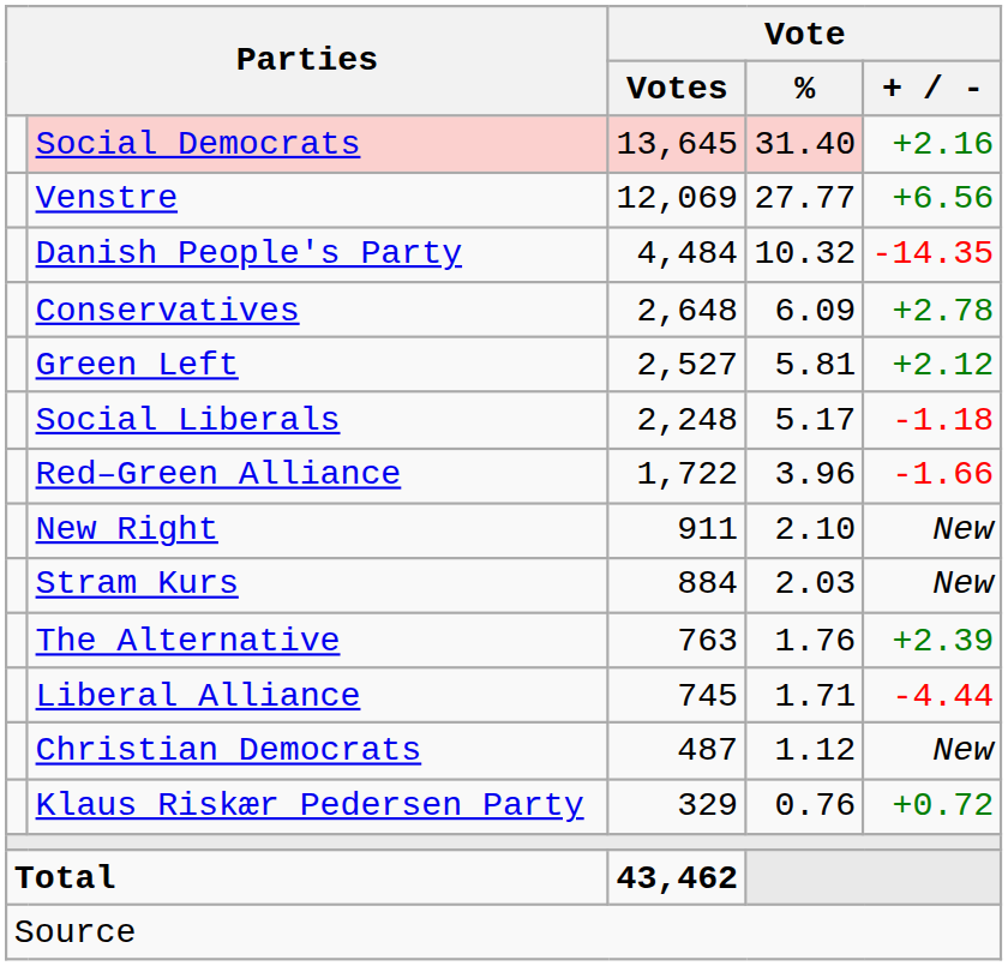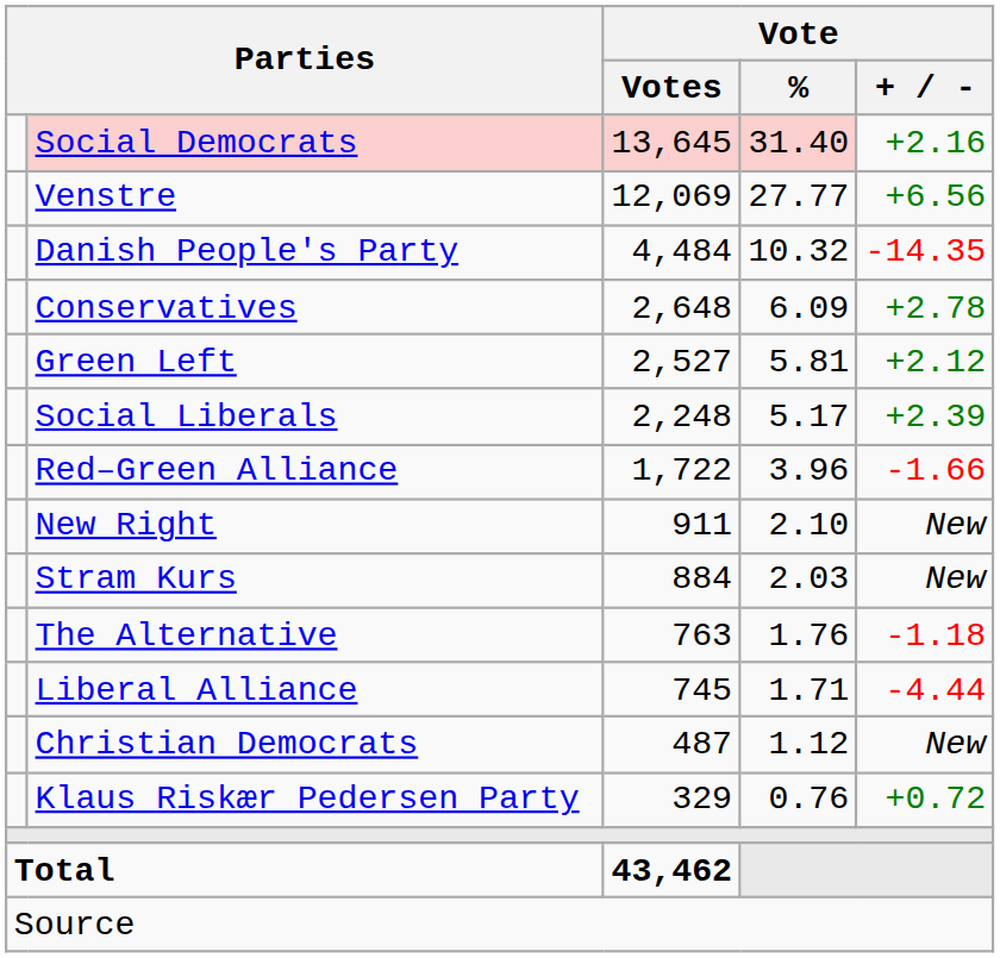 <table class="wikitable" style="text-align:right;">
 <tr>
 <th style="text-align:centre;" rowspan="2" colspan="2" width="225">Parties</th>
 <th colspan="3">Vote</th>
 </tr>
 <tr>
 <th width="15">Votes</th>
 <th width="15">%</th>
 <th width="15">+ / -</th>
 </tr>
 <tr>
 <td width="2" style="color:inherit;background:"></td>
 <td bgcolor=#fbd0ce  align="left"><a href='#'>Social Democrats</a></td>
 <td bgcolor=#fbd0ce>13,645</td>
 <td bgcolor=#fbd0ce>31.40</td>
 <td style=color:green;>+2.16</td>
 </tr>
 <tr>
 <td width="2" style="color:inherit;background:"></td>
 <td align="left"><a href='#'>Venstre</a></td>
 <td>12,069</td>
 <td>27.77</td>
 <td style=color:green;>+6.56</td>
 </tr>
 <tr>
 <td width="2" style="color:inherit;background:"></td>
 <td align="left"><a href='#'>Danish People's Party</a></td>
 <td>4,484</td>
 <td>10.32</td>
 <td style=color:red;>-14.35</td>
 </tr>
 <tr>
 <td width="2" style="color:inherit;background:"></td>
 <td align="left"><a href='#'>Conservatives</a></td>
 <td>2,648</td>
 <td>6.09</td>
 <td style=color:green;>+2.78</td>
 </tr>
 <tr>
 <td width="2" style="color:inherit;background:"></td>
 <td align="left"><a href='#'>Green Left</a></td>
 <td>2,527</td>
 <td>5.81</td>
 <td style=color:green;>+2.12</td>
 </tr>
 <tr>
 <td width="2" style="color:inherit;background:"></td>
 <td align="left"><a href='#'>Social Liberals</a></td>
 <td>2,248</td>
 <td>5.17</td>
-<td style=color:red;>-1.18</td>
+<td style=color:green;>+2.39</td>
 </tr>
 <tr>
 <td width="2" style="color:inherit;background:"></td>
 <td align="left"><a href='#'>Red–Green Alliance</a></td>
 <td>1,722</td>
 <td>3.96</td>
 <td style=color:red;>-1.66</td>
 </tr>
 <tr>
 <td width="2" style="color:inherit;background:"></td>
 <td align="left"><a href='#'>New Right</a></td>
 <td>911</td>
 <td>2.10</td>
 <td><em>New</em></td>
 </tr>
 <tr>
 <td width="2" style="color:inherit;background:"></td>
 <td align="left"><a href='#'>Stram Kurs</a></td>
 <td>884</td>
 <td>2.03</td>
 <td><em>New</em></td>
 </tr>
 <tr>
 <td width="2" style="color:inherit;background:"></td>
 <td align="left"><a href='#'>The Alternative</a></td>
 <td>763</td>
 <td>1.76</td>
-<td style=color:green;>+2.39</td>
+<td style=color:red;>-1.18</td>
 </tr>
 <tr>
 <td width="2" style="color:inherit;background:"></td>
 <td align="left"><a href='#'>Liberal Alliance</a></td>
 <td>745</td>
 <td>1.71</td>
 <td style=color:red;>-4.44</td>
 </tr>
 <tr>
 <td width="2" style="color:inherit;background:"></td>
 <td align="left"><a href='#'>Christian Democrats</a></td>
 <td>487</td>
 <td>1.12</td>
 <td><em>New</em></td>
 </tr>
 <tr>
 <td width="2" style="color:inherit;background:"></td>
 <td align="left"><a href='#'>Klaus Riskær Pedersen Party</a></td>
 <td>329</td>
 <td>0.76</td>
 <td style=color:green;>+0.72</td>
 </tr>
 <tr>
 <td colspan="7" bgcolor="#E9E9E9"></td>
 </tr>
 <tr>
 <td align="left" colspan="2"><strong>Total</strong></td>
 <td><strong>43,462</strong></td>
 <td bgcolor="#E9E9E9" colspan="2"></td>
 </tr>
 <tr>
 <td align="left" colspan="6">Source</td>
 </tr>
 </table>
